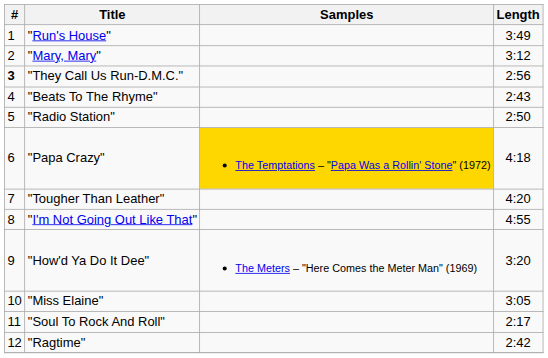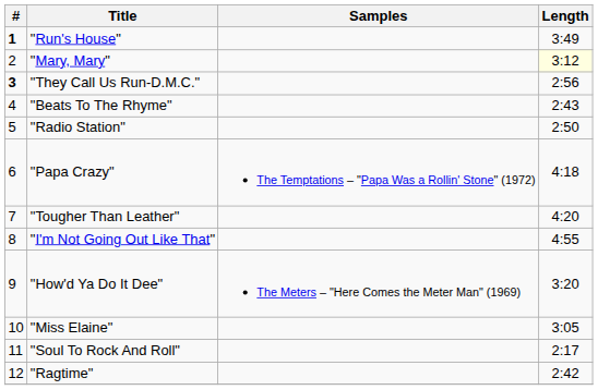 <table class="wikitable">
 <tr>
 <th>#</th>
 <th>Title</th>
 <th>Samples</th>
 <th>Length</th>
 </tr>
 <tr>
-<td>1</td>
+<td><strong>1</strong></td>
 <td>"<a href='#'>Run's House</a>"</td>
 <td></td>
 <td align="center">3:49</td>
 </tr>
 <tr>
 <td>2</td>
 <td>"<a href='#'>Mary, Mary</a>"</td>
 <td></td>
-<td align="center">3:12</td>
+<td align="center" style="background: lightyellow;">3:12</td>
 </tr>
 <tr>
 <td><strong>3</strong></td>
 <td>"They Call Us Run-D.M.C."</td>
 <td></td>
 <td align="center">2:56</td>
 </tr>
 <tr>
 <td>4</td>
 <td>"Beats To The Rhyme"</td>
 <td></td>
 <td align="center">2:43</td>
 </tr>
 <tr>
 <td>5</td>
 <td>"Radio Station"</td>
 <td></td>
 <td align="center">2:50</td>
 </tr>
 <tr>
 <td>6</td>
 <td>"Papa Crazy"</td>
-<td style="background: gold;"><br><ul><li><small><a href='#'>The Temptations</a> – "<a href='#'>Papa Was a Rollin' Stone</a>" (1972)</small></li></ul></td>
+<td><br><ul><li><small><a href='#'>The Temptations</a> – "<a href='#'>Papa Was a Rollin' Stone</a>" (1972)</small></li></ul></td>
 <td align="center">4:18</td>
 </tr>
 <tr>
 <td>7</td>
 <td>"Tougher Than Leather"</td>
 <td></td>
 <td align="center">4:20</td>
 </tr>
 <tr>
 <td>8</td>
 <td>"<a href='#'>I'm Not Going Out Like That</a>"</td>
 <td></td>
 <td align="center">4:55</td>
 </tr>
 <tr>
 <td>9</td>
 <td>"How'd Ya Do It Dee"</td>
 <td><br><ul><li><small><a href='#'>The Meters</a> – "Here Comes the Meter Man" (1969)</small></li></ul></td>
 <td align="center">3:20</td>
 </tr>
 <tr>
 <td>10</td>
 <td>"Miss Elaine"</td>
 <td></td>
 <td align="center">3:05</td>
 </tr>
 <tr>
 <td>11</td>
 <td>"Soul To Rock And Roll"</td>
 <td></td>
 <td align="center">2:17</td>
 </tr>
 <tr>
 <td>12</td>
 <td>"Ragtime"</td>
 <td></td>
 <td align="center">2:42</td>
 </tr>
 <tr>
 </tr>
 </table>
